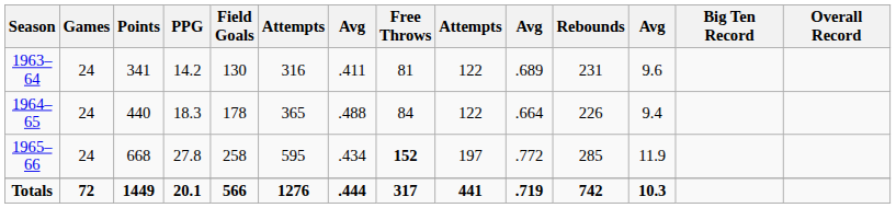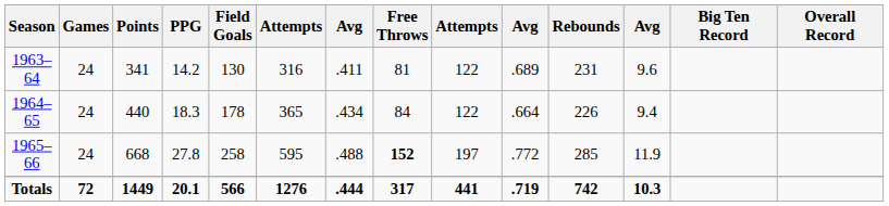 <table class="wikitable sortable" style="text-align:center">
 <tr>
 <th width=40px>Season</th>
 <th width=40px>Games</th>
 <th width=40px>Points</th>
 <th width=40px>PPG</th>
 <th width=40px>Field Goals</th>
 <th width=40px>Attempts</th>
 <th width=40px>Avg</th>
 <th width=40px>Free Throws</th>
 <th width=40px>Attempts</th>
 <th width=40px>Avg</th>
 <th width=40px>Rebounds</th>
 <th width=40px>Avg</th>
 <th width=100px>Big Ten <br>Record</th>
 <th width=100px>Overall <br>Record</th>
 </tr>
 <tr>
 <td><a href='#'>1963–64</a></td>
 <td>24</td>
 <td>341</td>
 <td>14.2</td>
 <td>130</td>
 <td>316</td>
 <td>.411</td>
 <td>81</td>
 <td>122</td>
 <td>.689</td>
 <td>231</td>
 <td>9.6</td>
 <td></td>
 <td></td>
 </tr>
 <tr>
 <td><a href='#'>1964–65</a></td>
 <td>24</td>
 <td>440</td>
 <td>18.3</td>
 <td>178</td>
 <td>365</td>
-<td>.488</td>
+<td>.434</td>
 <td>84</td>
 <td>122</td>
 <td>.664</td>
 <td>226</td>
 <td>9.4</td>
 <td></td>
 <td></td>
 </tr>
 <tr>
 <td><a href='#'>1965–66</a></td>
 <td>24</td>
 <td>668</td>
 <td>27.8</td>
 <td>258</td>
 <td>595</td>
-<td>.434</td>
+<td>.488</td>
 <td><strong>152</strong></td>
 <td>197</td>
 <td>.772</td>
 <td>285</td>
 <td>11.9</td>
 <td></td>
 <td></td>
 </tr>
 <tr>
 </tr>
 <tr class="sortbottom">
 <td><strong>Totals</strong></td>
 <td><strong>72</strong></td>
 <td><strong>1449</strong></td>
 <td><strong>20.1</strong></td>
 <td><strong>566</strong></td>
 <td><strong>1276</strong></td>
 <td><strong>.444</strong></td>
 <td><strong>317</strong></td>
 <td><strong>441</strong></td>
 <td><strong>.719</strong></td>
 <td><strong>742</strong></td>
 <td><strong>10.3</strong></td>
 <td><strong></strong></td>
 <td><strong></strong></td>
 </tr>
 </table>
